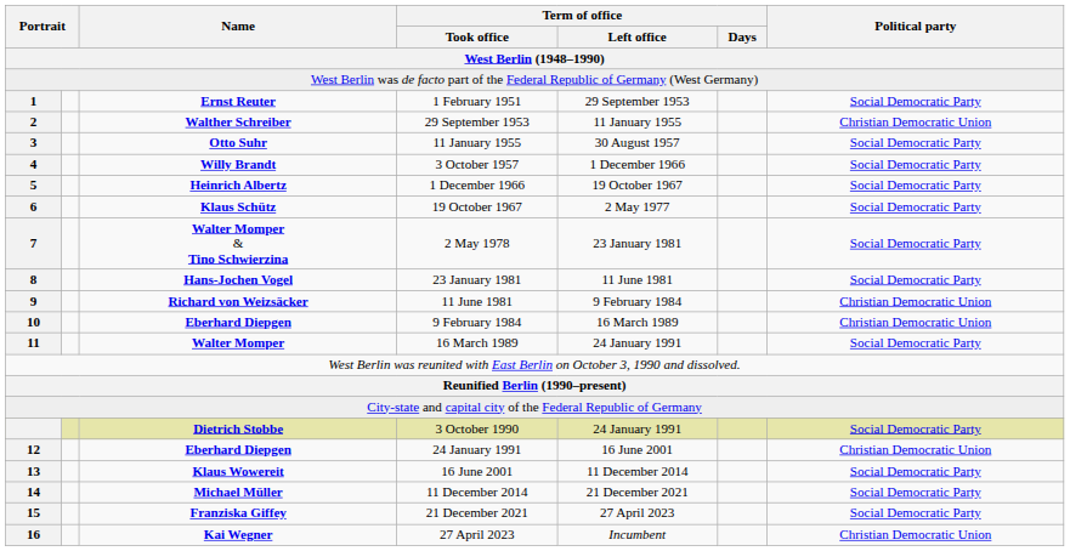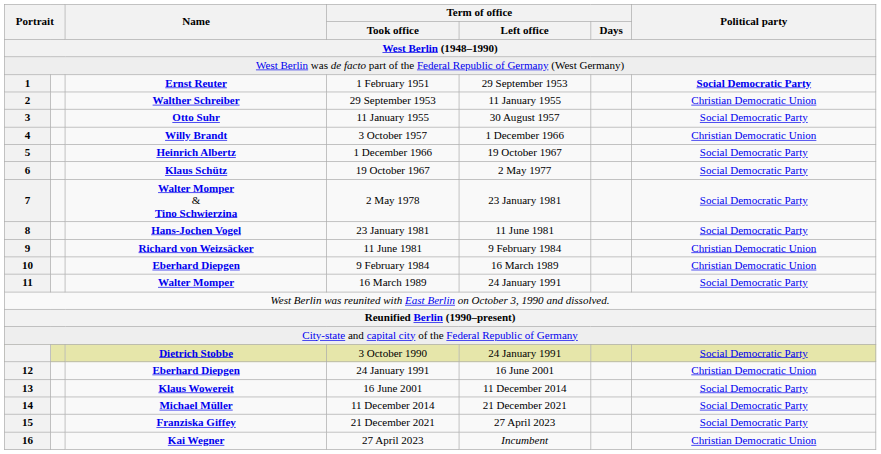 <table class="wikitable" style="text-align:center; width:100%; border:1px #AAAAFF solid">
 <tr>
 <th width=80px rowspan=2 colspan=2>Portrait</th>
 <th width=30% rowspan=2>Name<br></th>
 <th width=35% colspan=3>Term of office</th>
 <th width=28% rowspan=2>Political party</th>
 </tr>
 <tr>
 <th>Took office</th>
 <th>Left office</th>
 <th>Days</th>
 </tr>
 <tr>
 <th colspan="7"><a href='#'>West Berlin</a> (1948–1990)</th>
 </tr>
 <tr>
 <td bgcolor=#EEEEEE colspan=7><a href='#'>West Berlin</a> was <em>de facto</em> part of the <a href='#'>Federal Republic of Germany</a> (West Germany)</td>
 </tr>
 <tr>
 <th style="background:">1</th>
 <td></td>
 <td><strong><a href='#'>Ernst Reuter</a></strong><br></td>
 <td>1 February 1951</td>
 <td>29 September 1953</td>
 <td></td>
-<td><a href='#'>Social Democratic Party</a></td>
+<td><strong><a href='#'>Social Democratic Party</a></strong></td>
 </tr>
 <tr>
 <th style="background:">2</th>
 <td></td>
 <td><strong><a href='#'>Walther Schreiber</a></strong><br></td>
 <td>29 September 1953</td>
 <td>11 January 1955</td>
 <td></td>
 <td><a href='#'>Christian Democratic Union</a></td>
 </tr>
 <tr>
 <th style="background:">3</th>
 <td></td>
 <td><strong><a href='#'>Otto Suhr</a></strong><br></td>
 <td>11 January 1955</td>
 <td>30 August 1957<br></td>
 <td></td>
 <td><a href='#'>Social Democratic Party</a></td>
 </tr>
 <tr>
 <th style="background:">4</th>
 <td></td>
 <td><strong><a href='#'>Willy Brandt</a></strong><br></td>
 <td>3 October 1957</td>
 <td>1 December 1966</td>
 <td></td>
-<td><a href='#'>Social Democratic Party</a></td>
+<td><a href='#'>Christian Democratic Union</a></td>
 </tr>
 <tr>
 <th style="background:">5</th>
 <td></td>
 <td><strong><a href='#'>Heinrich Albertz</a></strong><br></td>
 <td>1 December 1966</td>
 <td>19 October 1967</td>
 <td></td>
 <td><a href='#'>Social Democratic Party</a></td>
 </tr>
 <tr>
 <th style="background:">6</th>
 <td></td>
 <td><strong><a href='#'>Klaus Schütz</a></strong><br></td>
 <td>19 October 1967</td>
 <td>2 May 1977</td>
 <td></td>
 <td><a href='#'>Social Democratic Party</a></td>
 </tr>
 <tr>
 <th style="background:">7</th>
 <td></td>
 <td><strong><a href='#'>Walter Momper</a></strong><br> &<br><strong><a href='#'>Tino Schwierzina</a></strong><br></td>
 <td>2 May 1978</td>
 <td>23 January 1981</td>
 <td></td>
 <td><a href='#'>Social Democratic Party</a></td>
 </tr>
 <tr>
 <th style="background:">8</th>
 <td></td>
 <td><strong><a href='#'>Hans-Jochen Vogel</a></strong><br></td>
 <td>23 January 1981</td>
 <td>11 June 1981</td>
 <td></td>
 <td><a href='#'>Social Democratic Party</a></td>
 </tr>
 <tr>
 <th style="background:">9</th>
 <td></td>
 <td><strong><a href='#'>Richard von Weizsäcker</a></strong><br></td>
 <td>11 June 1981</td>
 <td>9 February 1984</td>
 <td></td>
 <td><a href='#'>Christian Democratic Union</a></td>
 </tr>
 <tr>
 <th style="background:">10</th>
 <td></td>
 <td><strong><a href='#'>Eberhard Diepgen</a></strong><br></td>
 <td>9 February 1984</td>
 <td>16 March 1989</td>
 <td></td>
 <td><a href='#'>Christian Democratic Union</a></td>
 </tr>
 <tr>
 <th style="background:">11</th>
 <td></td>
 <td><strong><a href='#'>Walter Momper</a></strong><br></td>
 <td>16 March 1989</td>
 <td>24 January 1991</td>
 <td></td>
 <td><a href='#'>Social Democratic Party</a></td>
 </tr>
 <tr>
 <td colspan="7"><em>West Berlin was reunited with <a href='#'>East Berlin</a> on October 3, 1990 and dissolved.</em></td>
 </tr>
 <tr>
 <th colspan="7">Reunified <a href='#'>Berlin</a> (1990–present)</th>
 </tr>
 <tr>
 <td bgcolor=#EEEEEE colspan=8><a href='#'>City-state</a> and <a href='#'>capital city</a> of the <a href='#'>Federal Republic of Germany</a></td>
 </tr>
 <tr style="background-color: #E6E6AA" |>
 <th style="background: "></th>
 <td></td>
 <td><strong><a href='#'>Dietrich Stobbe</a></strong><br></td>
 <td>3 October 1990</td>
 <td>24 January 1991</td>
 <td></td>
 <td><a href='#'>Social Democratic Party</a></td>
 </tr>
 <tr>
 <th style="background: ">12<br></th>
 <td></td>
 <td><strong><a href='#'>Eberhard Diepgen</a></strong><br></td>
 <td>24 January 1991</td>
 <td>16 June 2001</td>
 <td></td>
 <td><a href='#'>Christian Democratic Union</a></td>
 </tr>
 <tr>
 <th style="background: ">13</th>
 <td></td>
 <td><strong><a href='#'>Klaus Wowereit</a></strong><br></td>
 <td>16 June 2001</td>
 <td>11 December 2014</td>
 <td></td>
 <td><a href='#'>Social Democratic Party</a></td>
 </tr>
 <tr>
 <th style="background: ">14</th>
 <td></td>
 <td><strong><a href='#'>Michael Müller</a></strong><br></td>
 <td>11 December 2014</td>
 <td>21 December 2021</td>
 <td></td>
 <td><a href='#'>Social Democratic Party</a></td>
 </tr>
 <tr>
 <th style="background: ">15</th>
 <td></td>
 <td><strong><a href='#'>Franziska Giffey</a></strong><br></td>
 <td>21 December 2021</td>
 <td>27 April 2023</td>
 <td></td>
 <td><a href='#'>Social Democratic Party</a></td>
 </tr>
 <tr>
 <th style="background: ">16</th>
 <td></td>
 <td><strong><a href='#'>Kai Wegner</a></strong><br></td>
 <td>27 April 2023</td>
 <td><em>Incumbent</em></td>
 <td></td>
 <td><a href='#'>Christian Democratic Union</a></td>
 </tr>
 </table>
